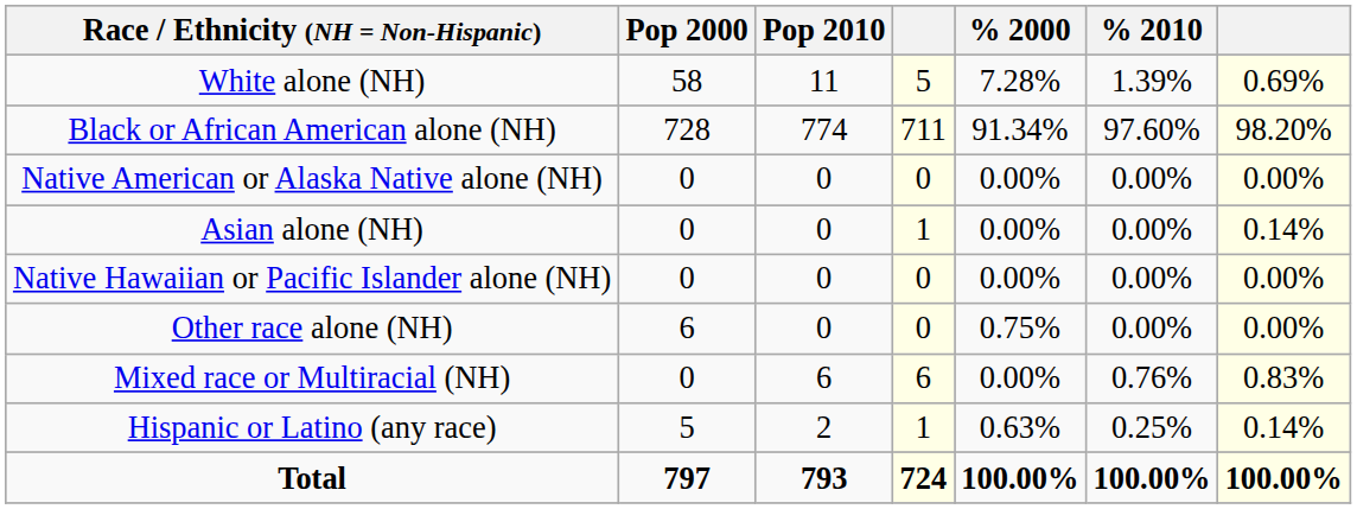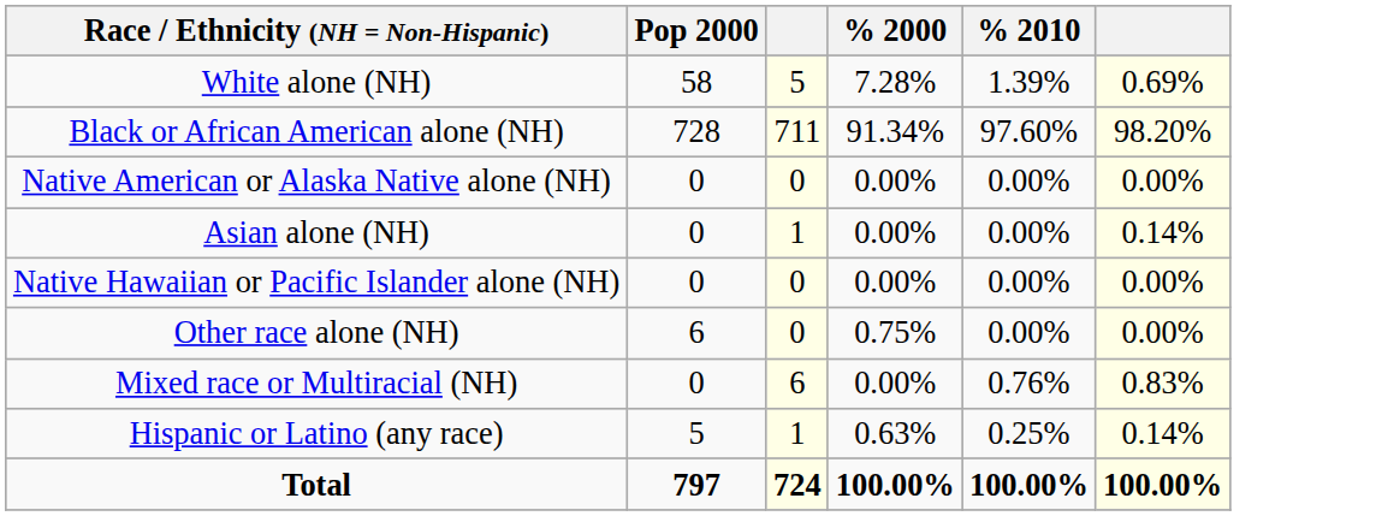 <table class="wikitable" style="text-align:center;">
 <tr>
 <th>Race / Ethnicity <small>(<em>NH = Non-Hispanic</em>)</small></th>
 <th>Pop 2000</th>
-<th>Pop 2010</th>
 <th></th>
 <th>% 2000</th>
 <th>% 2010</th>
 <th></th>
 </tr>
 <tr>
 <td><a href='#'>White</a> alone (NH)</td>
 <td>58</td>
-<td>11</td>
 <td style='background: #ffffe6;'>5</td>
 <td>7.28%</td>
 <td>1.39%</td>
 <td style='background: #ffffe6;'>0.69%</td>
 </tr>
 <tr>
 <td><a href='#'>Black or African American</a> alone (NH)</td>
 <td>728</td>
-<td>774</td>
 <td style='background: #ffffe6;'>711</td>
 <td>91.34%</td>
 <td>97.60%</td>
 <td style='background: #ffffe6;'>98.20%</td>
 </tr>
 <tr>
 <td><a href='#'>Native American</a> or <a href='#'>Alaska Native</a> alone (NH)</td>
-<td>0</td>
 <td>0</td>
 <td style='background: #ffffe6;'>0</td>
 <td>0.00%</td>
 <td>0.00%</td>
 <td style='background: #ffffe6;'>0.00%</td>
 </tr>
 <tr>
 <td><a href='#'>Asian</a> alone (NH)</td>
 <td>0</td>
-<td>0</td>
 <td style='background: #ffffe6;'>1</td>
 <td>0.00%</td>
 <td>0.00%</td>
 <td style='background: #ffffe6;'>0.14%</td>
 </tr>
 <tr>
 <td><a href='#'>Native Hawaiian</a> or <a href='#'>Pacific Islander</a> alone (NH)</td>
-<td>0</td>
 <td>0</td>
 <td style='background: #ffffe6;'>0</td>
 <td>0.00%</td>
 <td>0.00%</td>
 <td style='background: #ffffe6;'>0.00%</td>
 </tr>
 <tr>
 <td><a href='#'>Other race</a> alone (NH)</td>
 <td>6</td>
-<td>0</td>
 <td style='background: #ffffe6;'>0</td>
 <td>0.75%</td>
 <td>0.00%</td>
 <td style='background: #ffffe6;'>0.00%</td>
 </tr>
 <tr>
 <td><a href='#'>Mixed race or Multiracial</a> (NH)</td>
 <td>0</td>
-<td>6</td>
 <td style='background: #ffffe6;'>6</td>
 <td>0.00%</td>
 <td>0.76%</td>
 <td style='background: #ffffe6;'>0.83%</td>
 </tr>
 <tr>
 <td><a href='#'>Hispanic or Latino</a> (any race)</td>
 <td>5</td>
-<td>2</td>
 <td style='background: #ffffe6;'>1</td>
 <td>0.63%</td>
 <td>0.25%</td>
 <td style='background: #ffffe6;'>0.14%</td>
 </tr>
 <tr>
 <td><strong>Total</strong></td>
 <td><strong>797</strong></td>
-<td><strong>793</strong></td>
 <td style='background: #ffffe6;'><strong>724</strong></td>
 <td><strong>100.00%</strong></td>
 <td><strong>100.00%</strong></td>
 <td style='background: #ffffe6;'><strong>100.00%</strong></td>
 </tr>
 </table>
